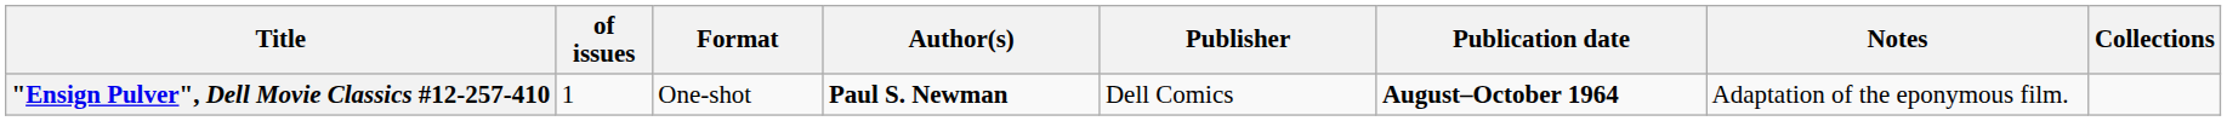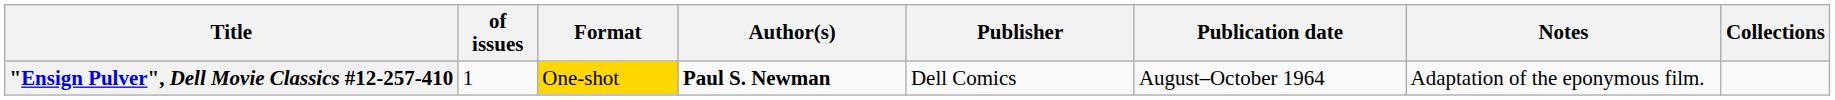 <table class="wikitable">
 <tr>
 <th>Title</th>
 <th style="width:40pt"> of issues</th>
 <th style="width:75pt">Format</th>
 <th style="width:125pt">Author(s)</th>
 <th style="width:125pt">Publisher</th>
 <th style="width:150pt">Publication date</th>
 <th style="width:175pt">Notes</th>
 <th>Collections</th>
 </tr>
 <tr>
 <th>"<a href='#'>Ensign Pulver</a>", <em>Dell Movie Classics</em> #12-257-410</th>
 <td>1</td>
-<td>One-shot</td>
+<td style="background: gold;">One-shot</td>
 <td><strong>Paul S. Newman</strong></td>
 <td rowspan="2">Dell Comics</td>
-<td><strong>August–October 1964</strong></td>
+<td>August–October 1964</td>
 <td>Adaptation of the eponymous film.</td>
 <td></td>
 </tr>
 </table>
